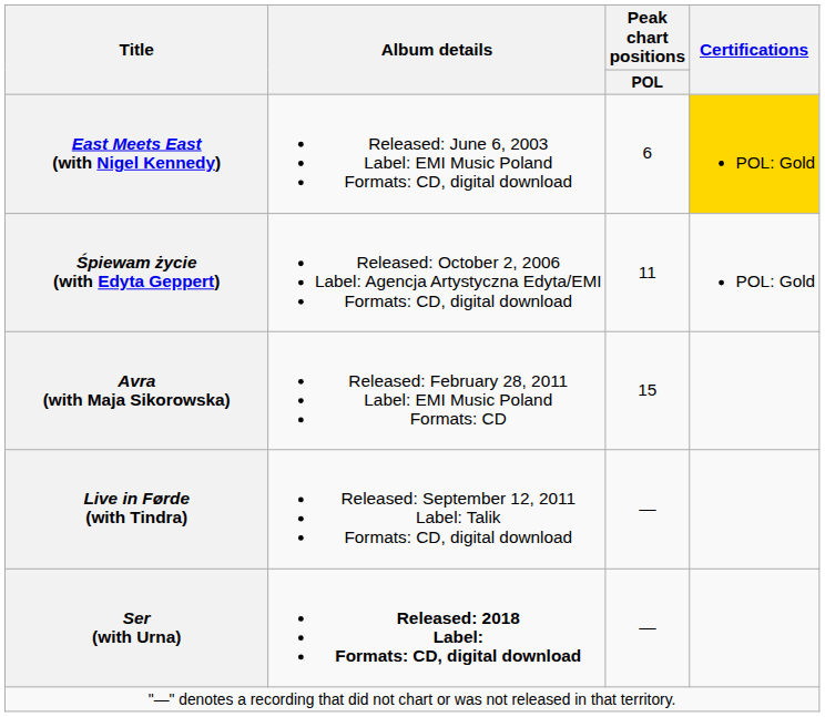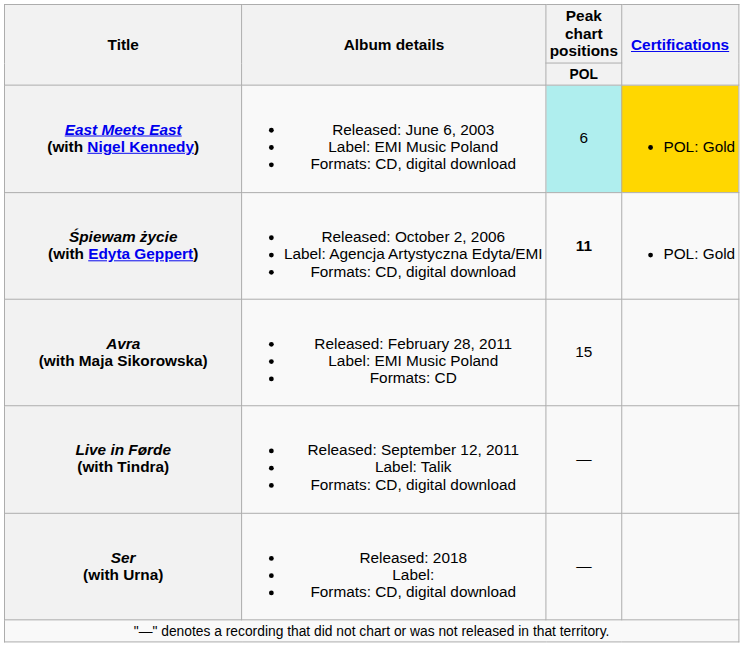 <table class="wikitable plainrowheaders" style="text-align:center;">
 <tr>
 <th scope="col" rowspan="2" style="width:15em;">Title</th>
 <th scope="col" rowspan="2">Album details</th>
 <th scope="col" colspan="1">Peak chart positions</th>
 <th scope="col" rowspan="2"><a href='#'>Certifications</a></th>
 </tr>
 <tr>
 <th scope="col" style="width:3em;font-size:90%;">POL<br></th>
 </tr>
 <tr>
 <th scope="row"><em><a href='#'>East Meets East</a></em><br>(with <a href='#'>Nigel Kennedy</a>)</th>
 <td><br><ul><li>Released: June 6, 2003</li><li>Label: EMI Music Poland</li><li>Formats: CD, digital download</li></ul></td>
-<td>6</td>
+<td style="background: paleturquoise;">6</td>
 <td style="background: gold;"><br><ul><li>POL: Gold</li></ul></td>
 </tr>
 <tr>
 <th scope="row"><em>Śpiewam życie</em><br>(with <a href='#'>Edyta Geppert</a>)</th>
 <td><br><ul><li>Released: October 2, 2006</li><li>Label: Agencja Artystyczna Edyta/EMI</li><li>Formats: CD, digital download</li></ul></td>
-<td>11</td>
+<td><strong>11</strong></td>
 <td><br><ul><li>POL: Gold</li></ul></td>
 </tr>
 <tr>
 <th scope="row"><em>Avra</em><br>(with Maja Sikorowska)</th>
 <td><br><ul><li>Released: February 28, 2011</li><li>Label: EMI Music Poland</li><li>Formats: CD</li></ul></td>
 <td>15</td>
 <td></td>
 </tr>
 <tr>
 <th scope="row"><em>Live in Førde</em><br>(with Tindra)</th>
 <td><br><ul><li>Released: September 12, 2011</li><li>Label: Talik</li><li>Formats: CD, digital download</li></ul></td>
 <td>—</td>
 <td></td>
 </tr>
 <tr>
 <th scope="row"><em>Ser</em><br>(with Urna)</th>
-<td><strong><br><ul><li>Released: 2018</li><li>Label:</li><li>Formats: CD, digital download</li></ul></strong></td>
+<td><br><ul><li>Released: 2018</li><li>Label:</li><li>Formats: CD, digital download</li></ul></td>
 <td>—</td>
 <td></td>
 </tr>
 <tr>
 <td colspan="20" style="font-size:90%">"—" denotes a recording that did not chart or was not released in that territory.</td>
 </tr>
 </table>
